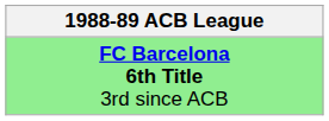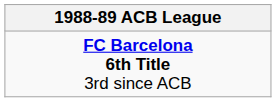 <table class="wikitable" style="margin: 0 auto; width: 20%;">
 <tr>
 <th>1988-89 ACB League</th>
 </tr>
 <tr>
-<td align=center style="background: lightgreen;"><strong><a href='#'>FC Barcelona</a></strong><br><strong>6th Title</strong> <br>3rd since ACB</td>
+<td align=center><strong><a href='#'>FC Barcelona</a></strong><br><strong>6th Title</strong> <br>3rd since ACB</td>
 </tr>
 </table>
